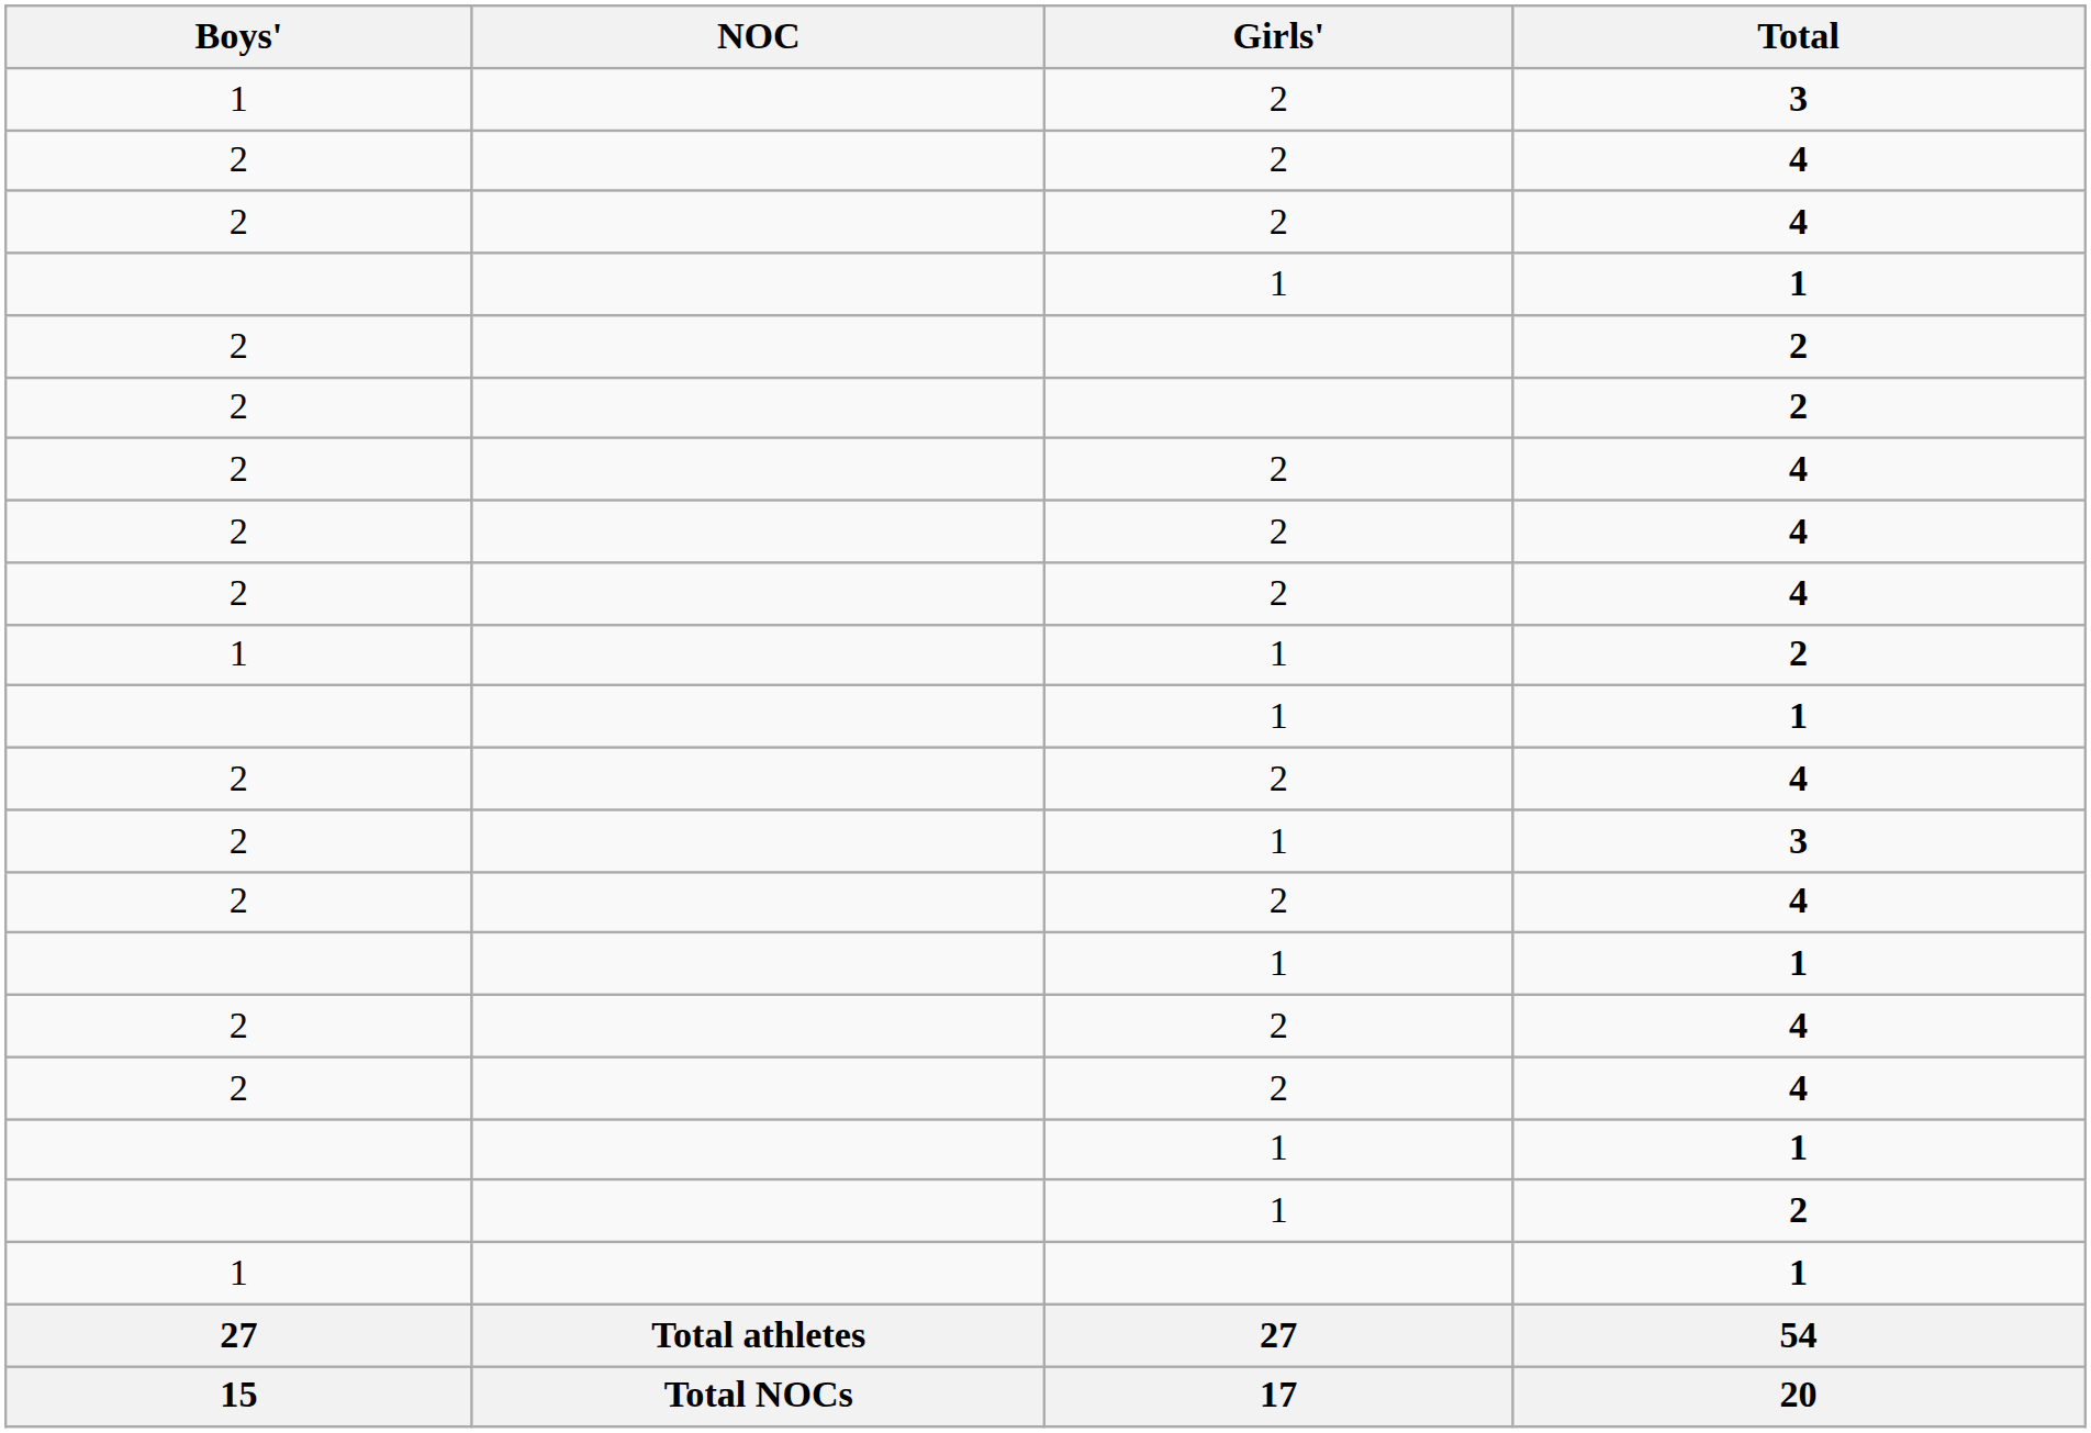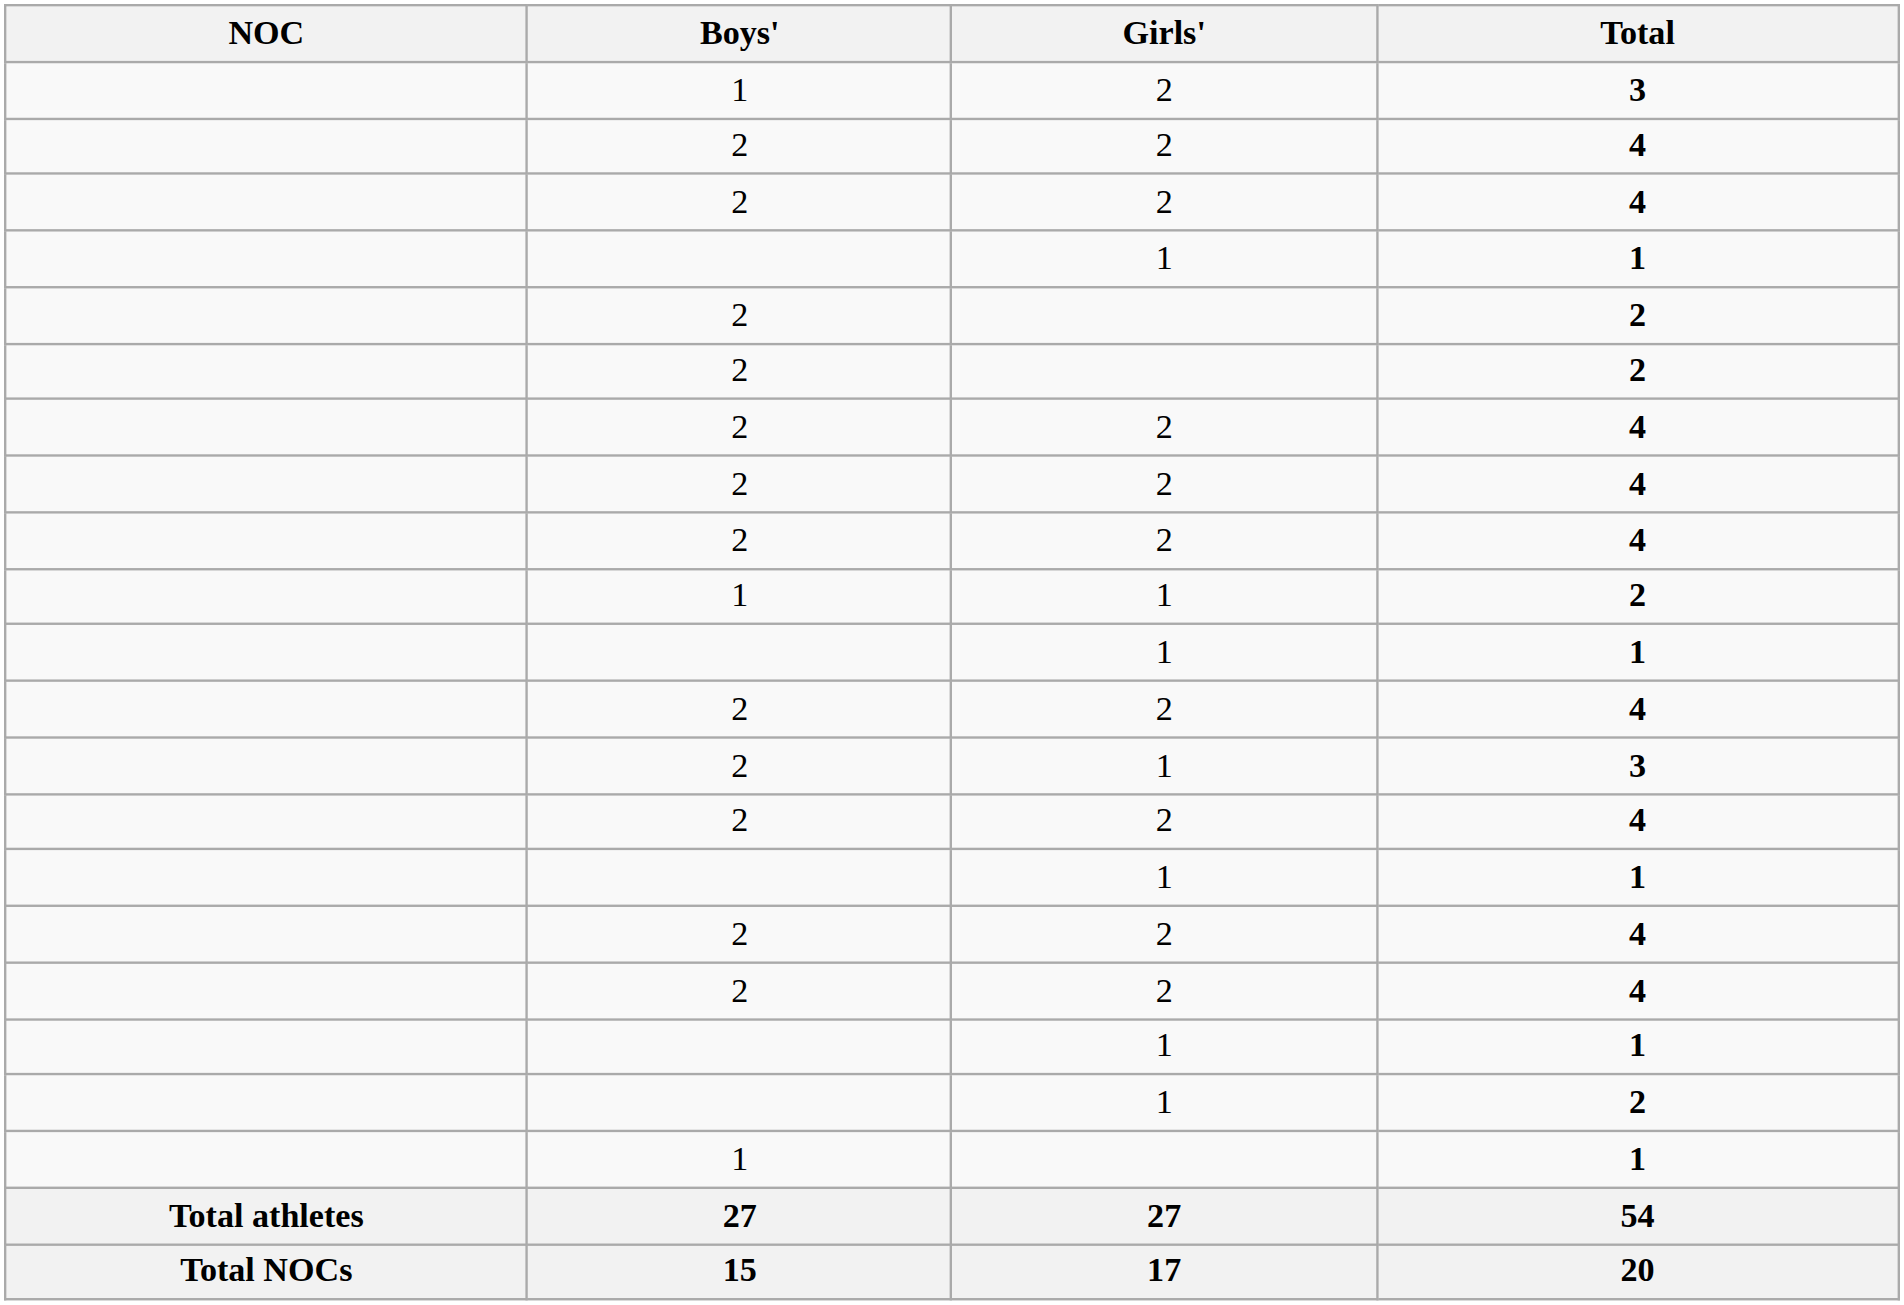 <table class="wikitable collapsible sortable"  style="width:800px; text-align:center; font-size:90%;">
 <tr>
+<th style="text-align:center; width:100px;"><strong>NOC</strong></th>
 <th width=80><strong>Boys' </strong></th>
-<th style="text-align:center; width:100px;"><strong>NOC</strong></th>
 <th width=80><strong>Girls' </strong></th>
 <th width=100><strong>Total</strong></th>
 </tr>
 <tr>
+<td style="text-align:left;"></td>
 <td>1</td>
-<td style="text-align:left;"></td>
 <td>2</td>
 <td><strong>3</strong></td>
 </tr>
 <tr>
+<td style="text-align:left;"></td>
 <td>2</td>
-<td style="text-align:left;"></td>
 <td>2</td>
 <td><strong>4</strong></td>
 </tr>
 <tr>
+<td style="text-align:left;"></td>
 <td>2</td>
-<td style="text-align:left;"></td>
 <td>2</td>
 <td><strong>4</strong></td>
 </tr>
 <tr>
+<td style="text-align:left;"></td>
 <td></td>
-<td style="text-align:left;"></td>
 <td>1</td>
 <td><strong>1</strong></td>
 </tr>
 <tr>
+<td style="text-align:left;"></td>
 <td>2</td>
-<td style="text-align:left;"></td>
 <td></td>
 <td><strong>2</strong></td>
 </tr>
 <tr>
+<td style="text-align:left;"></td>
 <td>2</td>
-<td style="text-align:left;"></td>
 <td></td>
 <td><strong>2</strong></td>
 </tr>
 <tr>
+<td style="text-align:left;"></td>
 <td>2</td>
-<td style="text-align:left;"></td>
 <td>2</td>
 <td><strong>4</strong></td>
 </tr>
 <tr>
+<td style="text-align:left;"></td>
 <td>2</td>
-<td style="text-align:left;"></td>
 <td>2</td>
 <td><strong>4</strong></td>
 </tr>
 <tr>
+<td style="text-align:left;"></td>
 <td>2</td>
-<td style="text-align:left;"></td>
 <td>2</td>
 <td><strong>4</strong></td>
 </tr>
 <tr>
+<td style="text-align:left;"></td>
 <td>1</td>
-<td style="text-align:left;"></td>
 <td>1</td>
 <td><strong>2</strong></td>
 </tr>
 <tr>
+<td style="text-align:left;"></td>
 <td></td>
-<td style="text-align:left;"></td>
 <td>1</td>
 <td><strong>1</strong></td>
 </tr>
 <tr>
+<td style="text-align:left;"></td>
 <td>2</td>
-<td style="text-align:left;"></td>
 <td>2</td>
 <td><strong>4</strong></td>
 </tr>
 <tr>
+<td style="text-align:left;"></td>
 <td>2</td>
-<td style="text-align:left;"></td>
 <td>1</td>
 <td><strong>3</strong></td>
 </tr>
 <tr>
+<td style="text-align:left;"></td>
 <td>2</td>
-<td style="text-align:left;"></td>
 <td>2</td>
 <td><strong>4</strong></td>
 </tr>
 <tr>
+<td style="text-align:left;"></td>
 <td></td>
-<td style="text-align:left;"></td>
 <td>1</td>
 <td><strong>1</strong></td>
 </tr>
 <tr>
+<td style="text-align:left;"></td>
 <td>2</td>
-<td style="text-align:left;"></td>
 <td>2</td>
 <td><strong>4</strong></td>
 </tr>
 <tr>
+<td style="text-align:left;"></td>
 <td>2</td>
-<td style="text-align:left;"></td>
 <td>2</td>
 <td><strong>4</strong></td>
 </tr>
 <tr>
+<td style="text-align:left;"></td>
 <td></td>
-<td style="text-align:left;"></td>
 <td>1</td>
 <td><strong>1</strong></td>
 </tr>
 <tr>
+<td style="text-align:left;"></td>
 <td></td>
-<td style="text-align:left;"></td>
 <td>1</td>
 <td><strong>2</strong></td>
 </tr>
 <tr>
+<td style="text-align:left;"></td>
 <td>1</td>
-<td style="text-align:left;"></td>
 <td></td>
 <td><strong>1</strong></td>
 </tr>
 <tr class="sortbottom">
+<th>Total athletes</th>
 <th>27</th>
-<th>Total athletes</th>
 <th>27</th>
 <th><strong>54</strong></th>
 </tr>
 <tr class="sortbottom">
+<th>Total NOCs</th>
 <th>15</th>
-<th>Total NOCs</th>
 <th>17</th>
 <th><strong>20</strong></th>
 </tr>
 </table>
